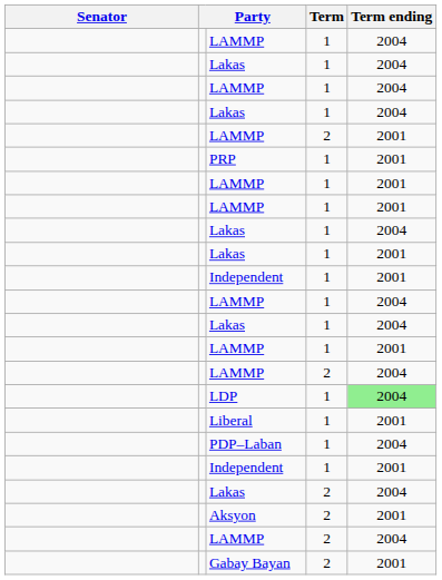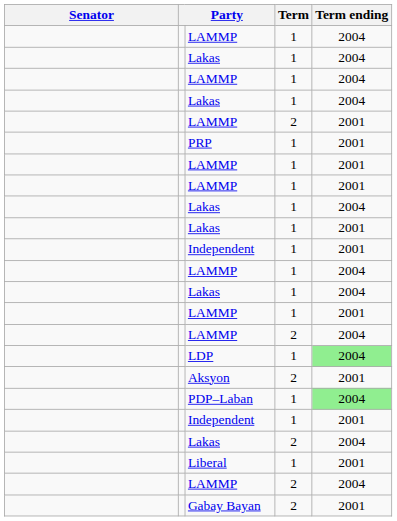 <table class="wikitable sortable">
 <tr>
 <th width="200px"><a href='#'>Senator</a></th>
 <th colspan="2"><a href='#'>Party</a></th>
 <th>Term</th>
 <th>Term ending</th>
 </tr>
 <tr>
 <td></td>
 <td></td>
 <td width="100px"><a href='#'>LAMMP</a></td>
 <td align="center">1</td>
 <td align="center">2004</td>
 </tr>
 <tr>
 <td></td>
 <td></td>
 <td><a href='#'>Lakas</a></td>
 <td align="center">1</td>
 <td align="center">2004</td>
 </tr>
 <tr>
 <td></td>
 <td></td>
 <td><a href='#'>LAMMP</a></td>
 <td align="center">1</td>
 <td align="center">2004</td>
 </tr>
 <tr>
 <td></td>
 <td></td>
 <td><a href='#'>Lakas</a></td>
 <td align="center">1</td>
 <td align="center">2004</td>
 </tr>
 <tr>
 <td></td>
 <td></td>
 <td><a href='#'>LAMMP</a></td>
 <td align="center">2</td>
 <td align="center">2001</td>
 </tr>
 <tr>
 <td></td>
 <td></td>
 <td><a href='#'>PRP</a></td>
 <td align="center">1</td>
 <td align="center">2001</td>
 </tr>
 <tr>
 <td></td>
 <td></td>
 <td><a href='#'>LAMMP</a></td>
 <td align="center">1</td>
 <td align="center">2001</td>
 </tr>
 <tr>
 <td></td>
 <td></td>
 <td><a href='#'>LAMMP</a></td>
 <td align="center">1</td>
 <td align="center">2001</td>
 </tr>
 <tr>
 <td></td>
 <td></td>
 <td><a href='#'>Lakas</a></td>
 <td align="center">1</td>
 <td align="center">2004</td>
 </tr>
 <tr>
 <td></td>
 <td></td>
 <td><a href='#'>Lakas</a></td>
 <td align="center">1</td>
 <td align="center">2001</td>
 </tr>
 <tr>
 <td></td>
 <td></td>
 <td><a href='#'>Independent</a></td>
 <td align="center">1</td>
 <td align="center">2001</td>
 </tr>
 <tr>
 <td></td>
 <td></td>
 <td><a href='#'>LAMMP</a></td>
 <td align="center">1</td>
 <td align="center">2004</td>
 </tr>
 <tr>
 <td></td>
 <td></td>
 <td><a href='#'>Lakas</a></td>
 <td align="center">1</td>
 <td align="center">2004</td>
 </tr>
 <tr>
 <td></td>
 <td></td>
 <td><a href='#'>LAMMP</a></td>
 <td align="center">1</td>
 <td align="center">2001</td>
 </tr>
 <tr>
 <td></td>
 <td></td>
 <td><a href='#'>LAMMP</a></td>
 <td align="center">2</td>
 <td align="center">2004</td>
 </tr>
 <tr>
 <td></td>
 <td></td>
 <td><a href='#'>LDP</a></td>
 <td align="center">1</td>
 <td align="center" style="background: lightgreen;">2004</td>
 </tr>
 <tr>
 <td></td>
 <td></td>
-<td><a href='#'>Liberal</a></td>
-<td align="center">1</td>
+<td><a href='#'>Aksyon</a></td>
+<td align="center">2</td>
 <td align="center">2001</td>
 </tr>
 <tr>
 <td></td>
 <td></td>
 <td><a href='#'>PDP–Laban</a></td>
 <td align="center">1</td>
-<td align="center">2004</td>
+<td align="center" style="background: lightgreen;">2004</td>
 </tr>
 <tr>
 <td></td>
 <td></td>
 <td><a href='#'>Independent</a></td>
 <td align="center">1</td>
 <td align="center">2001</td>
 </tr>
 <tr>
 <td></td>
 <td></td>
 <td><a href='#'>Lakas</a></td>
 <td align="center">2</td>
 <td align="center">2004</td>
 </tr>
 <tr>
 <td></td>
 <td></td>
-<td><a href='#'>Aksyon</a></td>
-<td align="center">2</td>
+<td><a href='#'>Liberal</a></td>
+<td align="center">1</td>
 <td align="center">2001</td>
 </tr>
 <tr>
 <td></td>
 <td></td>
 <td><a href='#'>LAMMP</a></td>
 <td align="center">2</td>
 <td align="center">2004</td>
 </tr>
 <tr>
 <td></td>
 <td></td>
 <td><a href='#'>Gabay Bayan</a></td>
 <td align="center">2</td>
 <td align="center">2001</td>
 </tr>
 </table>
